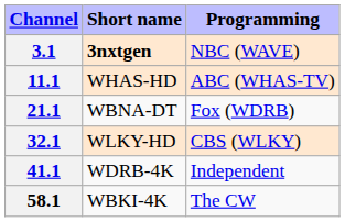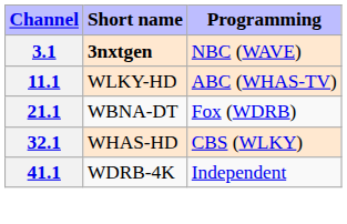 <table class="wikitable">
 <tr>
 <th style="background-color: #bdbdff" scope = "col"><a href='#'>Channel</a></th>
 <th style="background-color: #bdbdff" scope = "col">Short name</th>
 <th style="background-color: #bdbdff" scope = "col">Programming</th>
 </tr>
 <tr>
 <th scope = "row"><a href='#'>3.1</a></th>
 <td style="background-color:#ffe8d0"><strong>3nxtgen</strong></td>
 <td style="background-color:#ffe8d0"><a href='#'>NBC</a> (<a href='#'>WAVE</a>) </td>
 </tr>
 <tr>
 <th scope = "row"><a href='#'>11.1</a></th>
-<td style="background-color:#ffe8d0">WHAS-HD</td>
+<td style="background-color:#ffe8d0">WLKY-HD</td>
 <td style="background-color:#ffe8d0"><a href='#'>ABC</a> (<a href='#'>WHAS-TV</a>) </td>
 </tr>
 <tr>
 <th scope = "row"><a href='#'>21.1</a></th>
 <td>WBNA-DT</td>
 <td><a href='#'>Fox</a> (<a href='#'>WDRB</a>)</td>
 </tr>
 <tr>
 <th scope = "row"><a href='#'>32.1</a></th>
-<td style="background-color:#ffe8d0">WLKY-HD</td>
+<td style="background-color:#ffe8d0">WHAS-HD</td>
 <td style="background-color:#ffe8d0"><a href='#'>CBS</a> (<a href='#'>WLKY</a>) </td>
 </tr>
 <tr>
 <th scope = "row"><a href='#'>41.1</a></th>
 <td>WDRB-4K</td>
 <td><a href='#'>Independent</a></td>
 </tr>
-<tr>
-<th scope = "row">58.1</th>
-<td>WBKI-4K</td>
-<td><a href='#'>The CW</a></td>
-</tr>
 </table>
